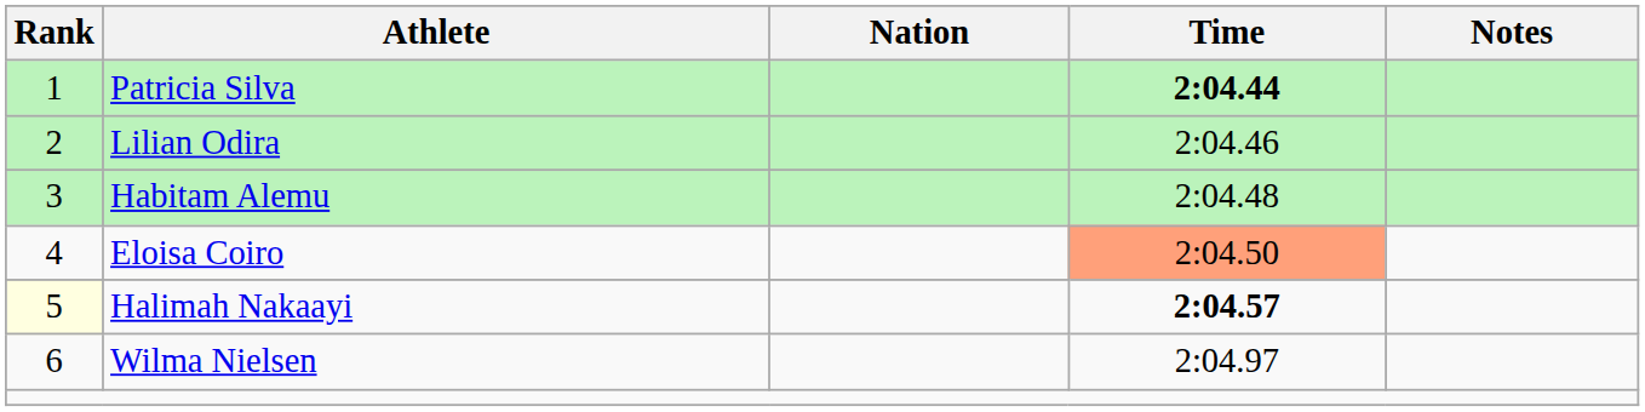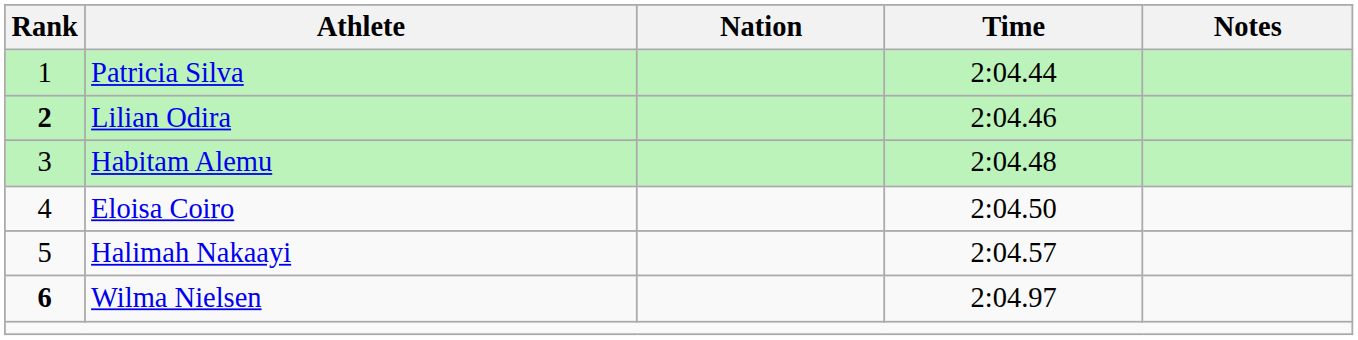 <table class="wikitable sortable" style="text-align:center;width: 60%;">
 <tr>
 <th scope="col" style="width: 10px;">Rank</th>
 <th scope="col">Athlete</th>
 <th scope="col">Nation</th>
 <th scope="col">Time</th>
 <th scope="col">Notes</th>
 </tr>
 <tr bgcolor=bbf3bb>
 <td>1</td>
 <td align=left><a href='#'>Patricia Silva</a></td>
 <td align=left></td>
-<td><strong>2:04.44</strong></td>
+<td>2:04.44</td>
 <td></td>
 </tr>
 <tr bgcolor=bbf3bb>
-<td>2</td>
+<td><strong>2</strong></td>
 <td align=left><a href='#'>Lilian Odira</a></td>
 <td align=left></td>
 <td>2:04.46</td>
 <td></td>
 </tr>
 <tr bgcolor=bbf3bb>
 <td>3</td>
 <td align=left><a href='#'>Habitam Alemu</a></td>
 <td align=left></td>
 <td>2:04.48</td>
 <td></td>
 </tr>
 <tr>
 <td>4</td>
 <td align=left><a href='#'>Eloisa Coiro</a></td>
 <td align=left></td>
-<td style="background: lightsalmon;">2:04.50</td>
+<td>2:04.50</td>
 <td></td>
 </tr>
 <tr>
-<td style="background: lightyellow;">5</td>
+<td>5</td>
 <td align=left><a href='#'>Halimah Nakaayi</a></td>
 <td align=left></td>
-<td><strong>2:04.57</strong></td>
+<td>2:04.57</td>
 <td></td>
 </tr>
 <tr>
-<td>6</td>
+<td><strong>6</strong></td>
 <td align=left><a href='#'>Wilma Nielsen</a></td>
 <td align=left></td>
 <td>2:04.97</td>
 <td></td>
 </tr>
 <tr class="sortbottom">
 <td colspan="5"></td>
 </tr>
 </table>
